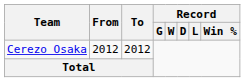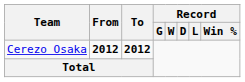 <table class="wikitable" style="text-align: center">
 <tr>
 <th rowspan="2">Team</th>
 <th rowspan="2">From</th>
 <th rowspan="2">To</th>
 <th colspan="5">Record</th>
 </tr>
 <tr>
 <th>G</th>
 <th>W</th>
 <th>D</th>
 <th>L</th>
 <th>Win %</th>
 </tr>
 <tr>
 <td align="left"><a href='#'>Cerezo Osaka</a></td>
-<td align="left">2012</td>
-<td align="left">2012<br></td>
+<td align="left"><strong>2012</strong></td>
+<td align="left"><strong>2012<br></strong></td>
 </tr>
 <tr>
 <th colspan="3">Total<br></th>
 </tr>
 </table>
